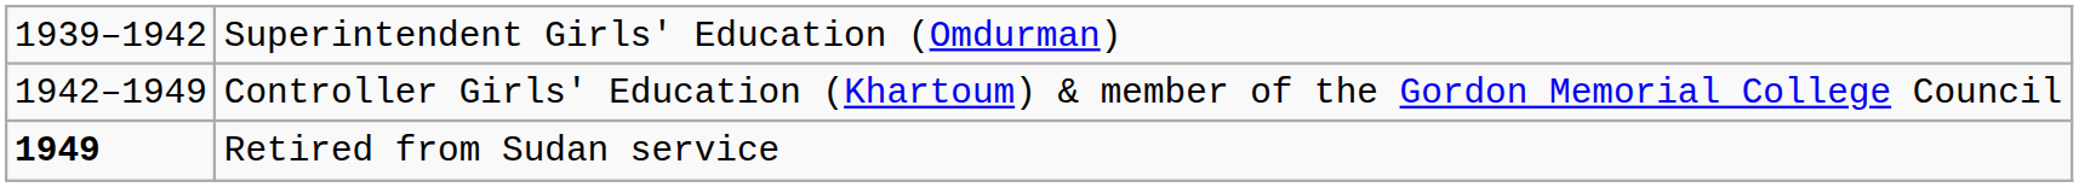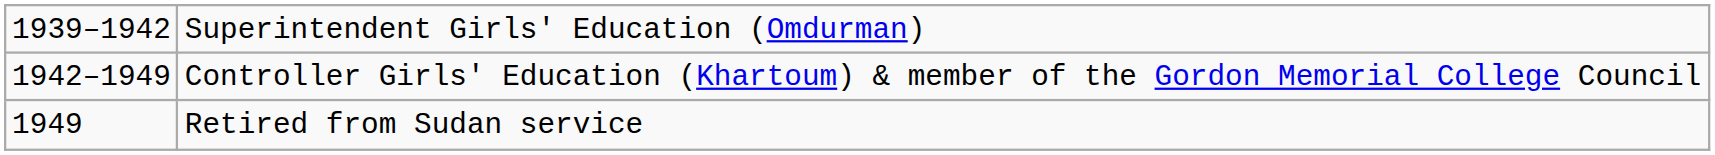 <table class="wikitable">
 <tr>
 <td>1939–1942</td>
 <td>Superintendent Girls' Education (<a href='#'>Omdurman</a>)</td>
 </tr>
 <tr>
 <td>1942–1949</td>
 <td>Controller Girls' Education (<a href='#'>Khartoum</a>) & member of the <a href='#'>Gordon Memorial College</a> Council</td>
 </tr>
 <tr>
-<td><strong>1949</strong></td>
+<td>1949</td>
 <td>Retired from Sudan service</td>
 </tr>
 </table>
